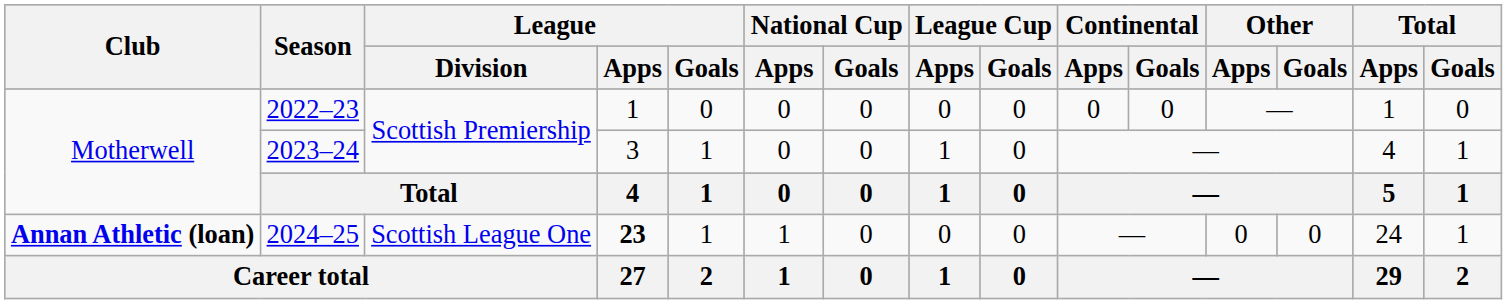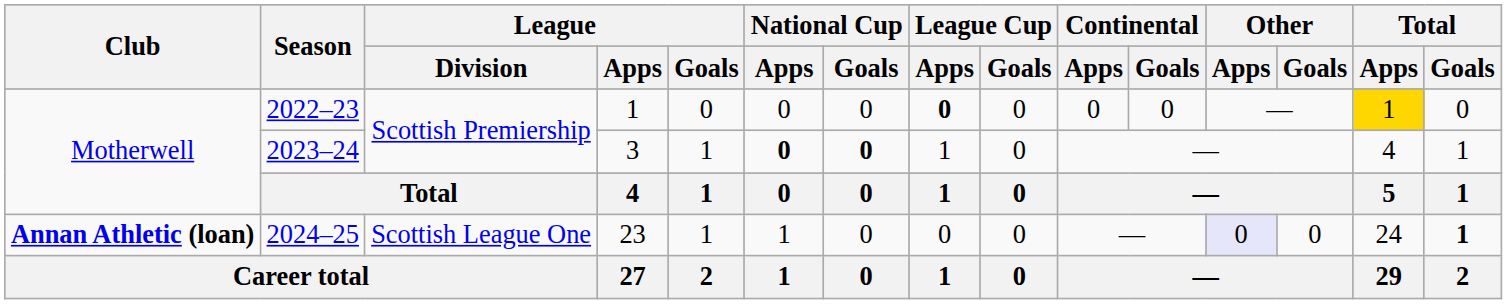 <table class="wikitable" style="text-align:center">
 <tr>
 <th rowspan="2">Club</th>
 <th rowspan="2">Season</th>
 <th colspan="3">League</th>
 <th colspan="2">National Cup</th>
 <th colspan="2">League Cup </th>
 <th colspan="2">Continental</th>
 <th colspan="2">Other</th>
 <th colspan="2">Total</th>
 </tr>
 <tr>
 <th>Division</th>
 <th>Apps</th>
 <th>Goals</th>
 <th>Apps</th>
 <th>Goals</th>
 <th>Apps</th>
 <th>Goals</th>
 <th>Apps</th>
 <th>Goals</th>
 <th>Apps</th>
 <th>Goals</th>
 <th>Apps</th>
 <th>Goals</th>
 </tr>
 <tr>
 <td rowspan="3"><a href='#'>Motherwell</a></td>
 <td><a href='#'>2022–23</a></td>
 <td rowspan="2"><a href='#'>Scottish Premiership</a></td>
 <td>1</td>
 <td>0</td>
 <td>0</td>
 <td>0</td>
-<td>0</td>
+<td><strong>0</strong></td>
 <td>0</td>
 <td>0</td>
 <td>0</td>
 <td colspan="2">—</td>
-<td>1</td>
+<td style="background: gold;">1</td>
 <td>0</td>
 </tr>
 <tr>
 <td><a href='#'>2023–24</a></td>
 <td>3</td>
 <td>1</td>
-<td>0</td>
-<td>0</td>
+<td><strong>0</strong></td>
+<td><strong>0</strong></td>
 <td>1</td>
 <td>0</td>
 <td colspan="4">—</td>
 <td>4</td>
 <td>1</td>
 </tr>
 <tr>
 <th colspan="2">Total</th>
 <th>4</th>
 <th>1</th>
 <th>0</th>
 <th>0</th>
 <th>1</th>
 <th>0</th>
 <th colspan="4">—</th>
 <th>5</th>
 <th>1</th>
 </tr>
 <tr>
 <td><strong><a href='#'>Annan Athletic</a> (loan)</strong></td>
 <td><a href='#'>2024–25</a></td>
 <td><a href='#'>Scottish League One</a></td>
-<td><strong>23</strong></td>
+<td>23</td>
 <td>1</td>
 <td>1</td>
 <td>0</td>
 <td>0</td>
 <td>0</td>
 <td colspan="2">—</td>
-<td>0</td>
+<td style="background: lavender;">0</td>
 <td>0</td>
 <td>24</td>
-<td>1</td>
+<td><strong>1</strong></td>
 </tr>
 <tr>
 <th colspan="3">Career total</th>
 <th>27</th>
 <th>2</th>
 <th>1</th>
 <th>0</th>
 <th>1</th>
 <th>0</th>
 <th colspan="4">—</th>
 <th>29</th>
 <th>2</th>
 </tr>
 </table>
